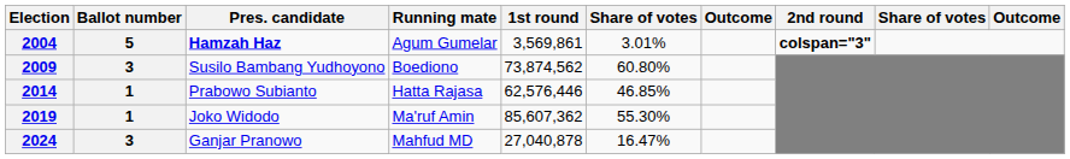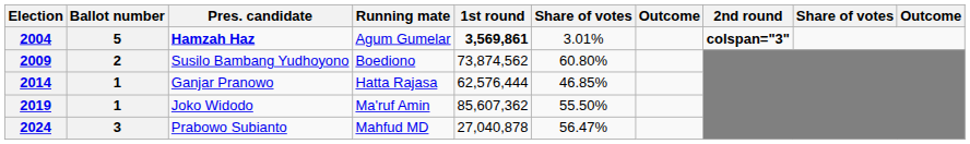 <table class="wikitable">
 <tr>
 <th>Election</th>
 <th>Ballot number</th>
 <th>Pres. candidate</th>
 <th>Running mate</th>
 <th>1st round<br></th>
 <th>Share of votes</th>
 <th>Outcome</th>
 <th>2nd round<br></th>
 <th>Share of votes</th>
 <th>Outcome</th>
 </tr>
 <tr>
 <th><a href='#'>2004</a></th>
 <th>5</th>
 <td><strong><a href='#'>Hamzah Haz</a></strong></td>
 <td><a href='#'>Agum Gumelar</a></td>
-<td align=right>3,569,861</td>
+<td align=right><strong>3,569,861</strong></td>
 <td align=center>3.01%</td>
 <td></td>
 <td><strong>colspan="3" </strong></td>
 </tr>
 <tr>
 <th><a href='#'>2009</a></th>
-<th>3</th>
+<th>2</th>
 <td><a href='#'>Susilo Bambang Yudhoyono</a></td>
 <td><a href='#'>Boediono</a></td>
 <td>73,874,562</td>
 <td align=center>60.80%</td>
 <td></td>
 <td colspan="3" rowspan="4" bgcolor="grey"></td>
 </tr>
 <tr>
 <th><a href='#'>2014</a></th>
 <th>1</th>
-<td><a href='#'>Prabowo Subianto</a></td>
+<td><a href='#'>Ganjar Pranowo</a></td>
 <td><a href='#'>Hatta Rajasa</a></td>
-<td>62,576,446</td>
+<td>62,576,444</td>
 <td align=center>46.85%</td>
 <td></td>
 </tr>
 <tr>
 <th><a href='#'>2019</a></th>
 <th>1</th>
 <td><a href='#'>Joko Widodo</a></td>
 <td><a href='#'>Ma'ruf Amin</a></td>
 <td>85,607,362</td>
-<td align=center>55.30%</td>
+<td align=center>55.50%</td>
 <td></td>
 </tr>
 <tr>
 <th><a href='#'>2024</a></th>
 <th>3</th>
-<td><a href='#'>Ganjar Pranowo</a></td>
+<td><a href='#'>Prabowo Subianto</a></td>
 <td><a href='#'>Mahfud MD</a></td>
 <td>27,040,878</td>
-<td align=center>16.47%</td>
+<td align=center>56.47%</td>
 <td></td>
 </tr>
 </table>
